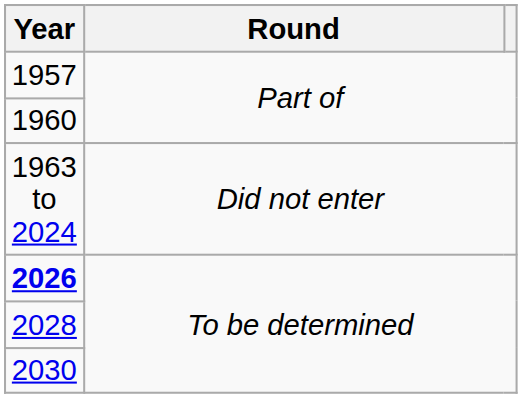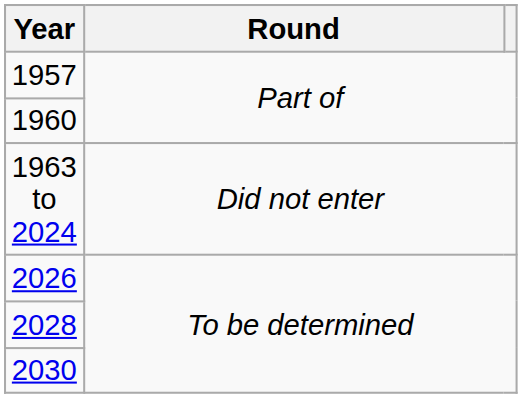 <table class="wikitable" style="text-align: center; font-size:90%">
 <tr>
 <th>Year</th>
 <th style="width:200px">Round</th>
 <th></th>
 </tr>
 <tr>
 <td>1957</td>
 <td colspan="2" rowspan="2"><em>Part of </em></td>
 </tr>
 <tr>
 <td>1960</td>
 </tr>
 <tr>
 <td>1963<br>to<br><a href='#'>2024</a></td>
 <td colspan="2"><em>Did not enter</em></td>
 </tr>
 <tr>
-<td><strong><a href='#'>2026</a></strong></td>
+<td><a href='#'>2026</a></td>
 <td colspan="2" rowspan="3"><em>To be determined</em></td>
 </tr>
 <tr>
 <td><a href='#'>2028</a></td>
 </tr>
 <tr>
 <td><a href='#'>2030</a></td>
 </tr>
 </table>
